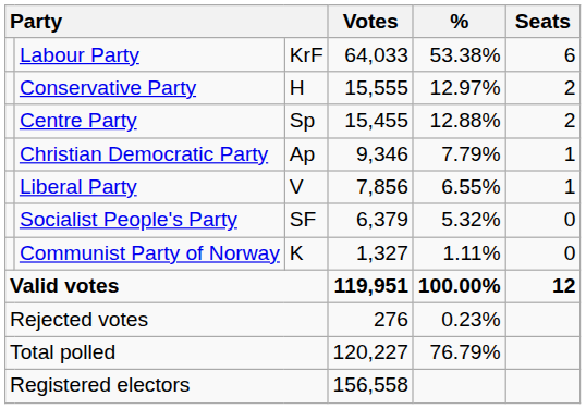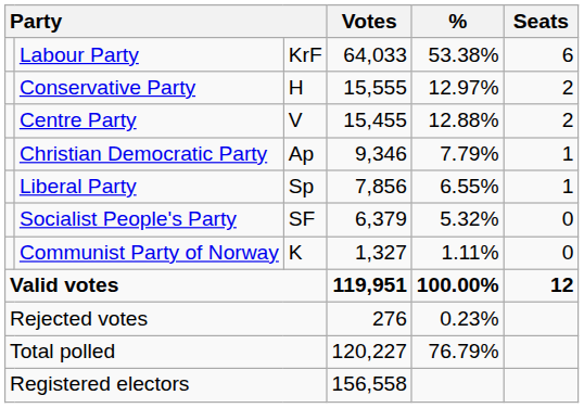 <table class="wikitable" border="1" style="text-align:right;">
 <tr>
 <th style="text-align:left;" colspan=3>Party</th>
 <th align=center width="50">Votes</th>
 <th align=center width="50">%</th>
 <th align=center width="50">Seats</th>
 </tr>
 <tr>
 <td style="color:inherit;background:"></td>
 <td align=left><a href='#'>Labour Party</a></td>
 <td align=left>KrF</td>
 <td>64,033</td>
 <td>53.38%</td>
 <td>6</td>
 </tr>
 <tr>
 <td style="color:inherit;background:"></td>
 <td align=left><a href='#'>Conservative Party</a></td>
 <td align=left>H</td>
 <td>15,555</td>
 <td>12.97%</td>
 <td>2</td>
 </tr>
 <tr>
 <td style="color:inherit;background:"></td>
 <td align=left><a href='#'>Centre Party</a></td>
-<td align=left>Sp</td>
+<td align=left>V</td>
 <td>15,455</td>
 <td>12.88%</td>
 <td>2</td>
 </tr>
 <tr>
 <td style="color:inherit;background:"></td>
 <td align=left><a href='#'>Christian Democratic Party</a></td>
 <td align=left>Ap</td>
 <td>9,346</td>
 <td>7.79%</td>
 <td>1</td>
 </tr>
 <tr>
 <td style="color:inherit;background:"></td>
 <td align=left><a href='#'>Liberal Party</a></td>
-<td align=left>V</td>
+<td align=left>Sp</td>
 <td>7,856</td>
 <td>6.55%</td>
 <td>1</td>
 </tr>
 <tr>
 <td style="color:inherit;background:"></td>
 <td align=left><a href='#'>Socialist People's Party</a></td>
 <td align=left>SF</td>
 <td>6,379</td>
 <td>5.32%</td>
 <td>0</td>
 </tr>
 <tr>
 <td style="color:inherit;background:"></td>
 <td align=left><a href='#'>Communist Party of Norway</a></td>
 <td align=left>K</td>
 <td>1,327</td>
 <td>1.11%</td>
 <td>0</td>
 </tr>
 <tr style="font-weight:bold">
 <td align=left colspan=3>Valid votes</td>
 <td>119,951</td>
 <td>100.00%</td>
 <td>12</td>
 </tr>
 <tr>
 <td align=left colspan=3>Rejected votes</td>
 <td>276</td>
 <td>0.23%</td>
 <td></td>
 </tr>
 <tr>
 <td align=left colspan=3>Total polled</td>
 <td>120,227</td>
 <td>76.79%</td>
 <td></td>
 </tr>
 <tr>
 <td align=left colspan=3>Registered electors</td>
 <td>156,558</td>
 <td></td>
 <td></td>
 </tr>
 </table>
